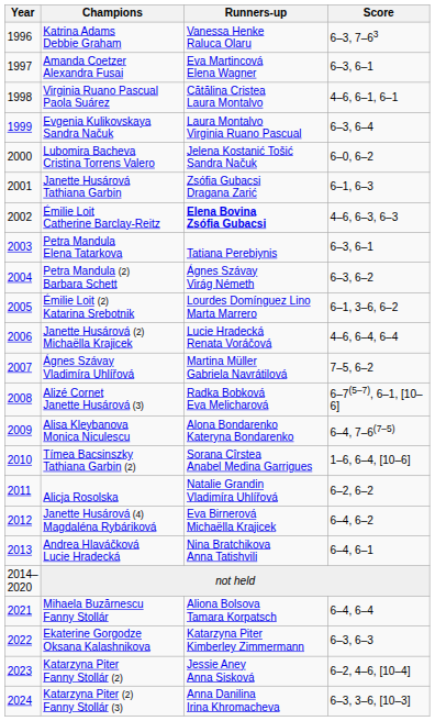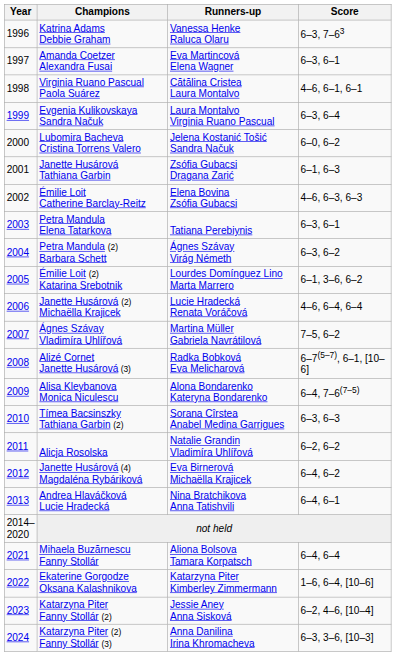 <table class="wikitable">
 <tr>
 <th style="width:40px">Year</th>
 <th style="width:200px">Champions</th>
 <th style="width:200px">Runners-up</th>
 <th style="width:140px" class="unsortable">Score</th>
 </tr>
 <tr>
 <td>1996</td>
 <td> <a href='#'>Katrina Adams</a> <br> <a href='#'>Debbie Graham</a></td>
 <td> <a href='#'>Vanessa Henke</a> <br> <a href='#'>Raluca Olaru</a></td>
 <td>6–3, 7–6<sup>3</sup></td>
 </tr>
 <tr>
 <td>1997</td>
 <td> <a href='#'>Amanda Coetzer</a> <br> <a href='#'>Alexandra Fusai</a></td>
 <td> <a href='#'>Eva Martincová</a> <br> <a href='#'>Elena Wagner</a></td>
 <td>6–3, 6–1</td>
 </tr>
 <tr>
 <td>1998</td>
 <td> <a href='#'>Virginia Ruano Pascual</a> <br>  <a href='#'>Paola Suárez</a></td>
 <td> <a href='#'>Cătălina Cristea</a> <br> <a href='#'>Laura Montalvo</a></td>
 <td>4–6, 6–1, 6–1</td>
 </tr>
 <tr>
 <td><a href='#'>1999</a></td>
 <td> <a href='#'>Evgenia Kulikovskaya</a> <br> <a href='#'>Sandra Načuk</a></td>
 <td> <a href='#'>Laura Montalvo</a> <br> <a href='#'>Virginia Ruano Pascual</a></td>
 <td>6–3, 6–4</td>
 </tr>
 <tr>
 <td>2000</td>
 <td> <a href='#'>Lubomira Bacheva</a> <br> <a href='#'>Cristina Torrens Valero</a></td>
 <td> <a href='#'>Jelena Kostanić Tošić</a> <br> <a href='#'>Sandra Načuk</a></td>
 <td>6–0, 6–2</td>
 </tr>
 <tr>
 <td>2001</td>
 <td> <a href='#'>Janette Husárová</a> <br> <a href='#'>Tathiana Garbin</a></td>
 <td> <a href='#'>Zsófia Gubacsi</a> <br> <a href='#'>Dragana Zarić</a></td>
 <td>6–1, 6–3</td>
 </tr>
 <tr>
 <td>2002</td>
 <td> <a href='#'>Émilie Loit</a> <br> <a href='#'>Catherine Barclay-Reitz</a></td>
-<td><strong> <a href='#'>Elena Bovina</a> <br> <a href='#'>Zsófia Gubacsi</a></strong></td>
+<td> <a href='#'>Elena Bovina</a> <br> <a href='#'>Zsófia Gubacsi</a></td>
 <td>4–6, 6–3, 6–3</td>
 </tr>
 <tr>
 <td><a href='#'>2003</a></td>
 <td> <a href='#'>Petra Mandula</a> <br> <a href='#'>Elena Tatarkova</a></td>
 <td> <br> <a href='#'>Tatiana Perebiynis</a></td>
 <td>6–3, 6–1</td>
 </tr>
 <tr>
 <td><a href='#'>2004</a></td>
 <td> <a href='#'>Petra Mandula</a> <small> (2) </small><br>  <a href='#'>Barbara Schett</a></td>
 <td> <a href='#'>Ágnes Szávay</a> <br> <a href='#'>Virág Németh</a></td>
 <td>6–3, 6–2</td>
 </tr>
 <tr>
 <td><a href='#'>2005</a></td>
 <td> <a href='#'>Émilie Loit</a> <small> (2) </small><br> <a href='#'>Katarina Srebotnik</a></td>
 <td> <a href='#'>Lourdes Domínguez Lino</a> <br> <a href='#'>Marta Marrero</a></td>
 <td>6–1, 3–6, 6–2</td>
 </tr>
 <tr>
 <td><a href='#'>2006</a></td>
 <td> <a href='#'>Janette Husárová</a> <small> (2) </small> <br> <a href='#'>Michaëlla Krajicek</a></td>
 <td> <a href='#'>Lucie Hradecká</a> <br> <a href='#'>Renata Voráčová</a></td>
 <td>4–6, 6–4, 6–4</td>
 </tr>
 <tr>
 <td><a href='#'>2007</a></td>
 <td> <a href='#'>Ágnes Szávay</a> <br> <a href='#'>Vladimíra Uhlířová</a></td>
 <td> <a href='#'>Martina Müller</a> <br> <a href='#'>Gabriela Navrátilová</a></td>
 <td>7–5, 6–2</td>
 </tr>
 <tr>
 <td><a href='#'>2008</a></td>
 <td> <a href='#'>Alizé Cornet</a> <br> <a href='#'>Janette Husárová</a><small> (3) </small></td>
 <td> <a href='#'>Radka Bobková</a> <br> <a href='#'>Eva Melicharová</a></td>
 <td>6–7<sup>(5–7)</sup>, 6–1, [10–6]</td>
 </tr>
 <tr>
 <td><a href='#'>2009</a></td>
 <td> <a href='#'>Alisa Kleybanova</a><br> <a href='#'>Monica Niculescu</a></td>
 <td> <a href='#'>Alona Bondarenko</a><br> <a href='#'>Kateryna Bondarenko</a></td>
 <td>6–4, 7–6<sup>(7–5)</sup></td>
 </tr>
 <tr>
 <td><a href='#'>2010</a></td>
 <td> <a href='#'>Tímea Bacsinszky</a><br> <a href='#'>Tathiana Garbin</a> <small> (2) </small></td>
 <td> <a href='#'>Sorana Cîrstea</a><br> <a href='#'>Anabel Medina Garrigues</a></td>
-<td>1–6, 6–4, [10–6]</td>
+<td>6–3, 6–3</td>
 </tr>
 <tr>
 <td><a href='#'>2011</a></td>
 <td><strong><br> </strong> <a href='#'>Alicja Rosolska</a></td>
 <td> <a href='#'>Natalie Grandin</a><br> <a href='#'>Vladimíra Uhlířová</a></td>
 <td>6–2, 6–2</td>
 </tr>
 <tr>
 <td><a href='#'>2012</a></td>
 <td> <a href='#'>Janette Husárová</a><small> (4) </small> <br> <a href='#'>Magdaléna Rybáriková</a></td>
 <td> <a href='#'>Eva Birnerová</a><br> <a href='#'>Michaëlla Krajicek</a></td>
 <td>6–4, 6–2</td>
 </tr>
 <tr>
 <td><a href='#'>2013</a></td>
 <td> <a href='#'>Andrea Hlaváčková</a><br> <a href='#'>Lucie Hradecká</a></td>
 <td> <a href='#'>Nina Bratchikova</a><br> <a href='#'>Anna Tatishvili</a></td>
 <td>6–4, 6–1</td>
 </tr>
 <tr>
 <td>2014–2020</td>
 <td colspan=4 align=center style="background:#efefef"><em>not held</em></td>
 </tr>
 <tr>
 <td><a href='#'>2021</a></td>
 <td> <a href='#'>Mihaela Buzărnescu</a><br> <a href='#'>Fanny Stollár</a></td>
 <td> <a href='#'>Aliona Bolsova</a><br> <a href='#'>Tamara Korpatsch</a></td>
 <td>6–4, 6–4</td>
 </tr>
 <tr>
 <td><a href='#'>2022</a></td>
 <td> <a href='#'>Ekaterine Gorgodze</a><br> <a href='#'>Oksana Kalashnikova</a></td>
 <td> <a href='#'>Katarzyna Piter</a><br> <a href='#'>Kimberley Zimmermann</a></td>
-<td>6–3, 6–3</td>
+<td>1–6, 6–4, [10–6]</td>
 </tr>
 <tr>
 <td><a href='#'>2023</a></td>
 <td> <a href='#'>Katarzyna Piter</a><br> <a href='#'>Fanny Stollár</a> <small>(2)</small></td>
 <td> <a href='#'>Jessie Aney</a><br> <a href='#'>Anna Sisková</a></td>
 <td>6–2, 4–6, [10–4]</td>
 </tr>
 <tr>
 <td><a href='#'>2024</a></td>
 <td> <a href='#'>Katarzyna Piter</a> <small>(2)</small> <br> <a href='#'>Fanny Stollár</a> <small>(3)</small></td>
 <td> <a href='#'>Anna Danilina</a> <br>  <a href='#'>Irina Khromacheva</a></td>
 <td>6–3, 3–6, [10–3]</td>
 </tr>
 </table>
